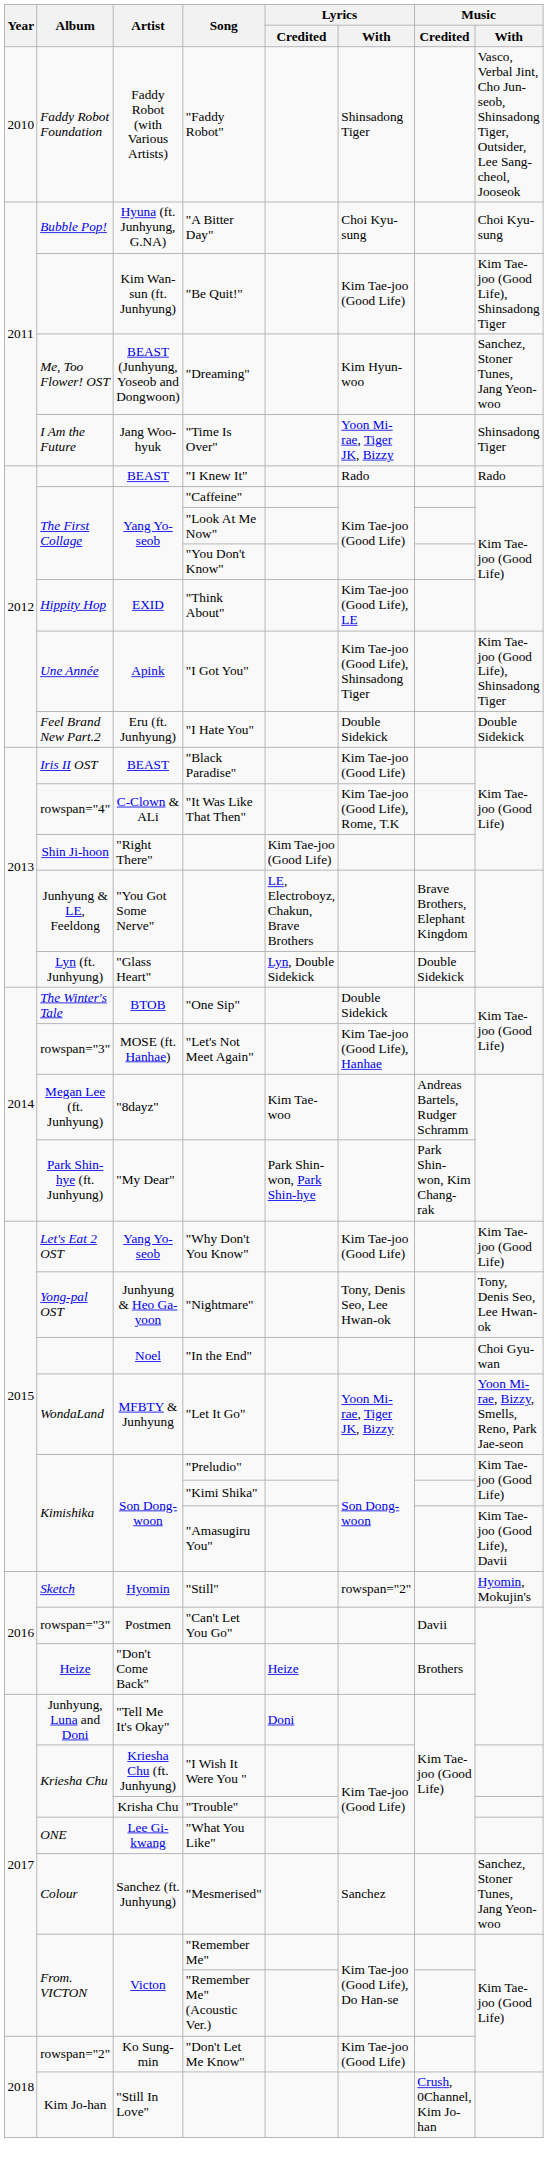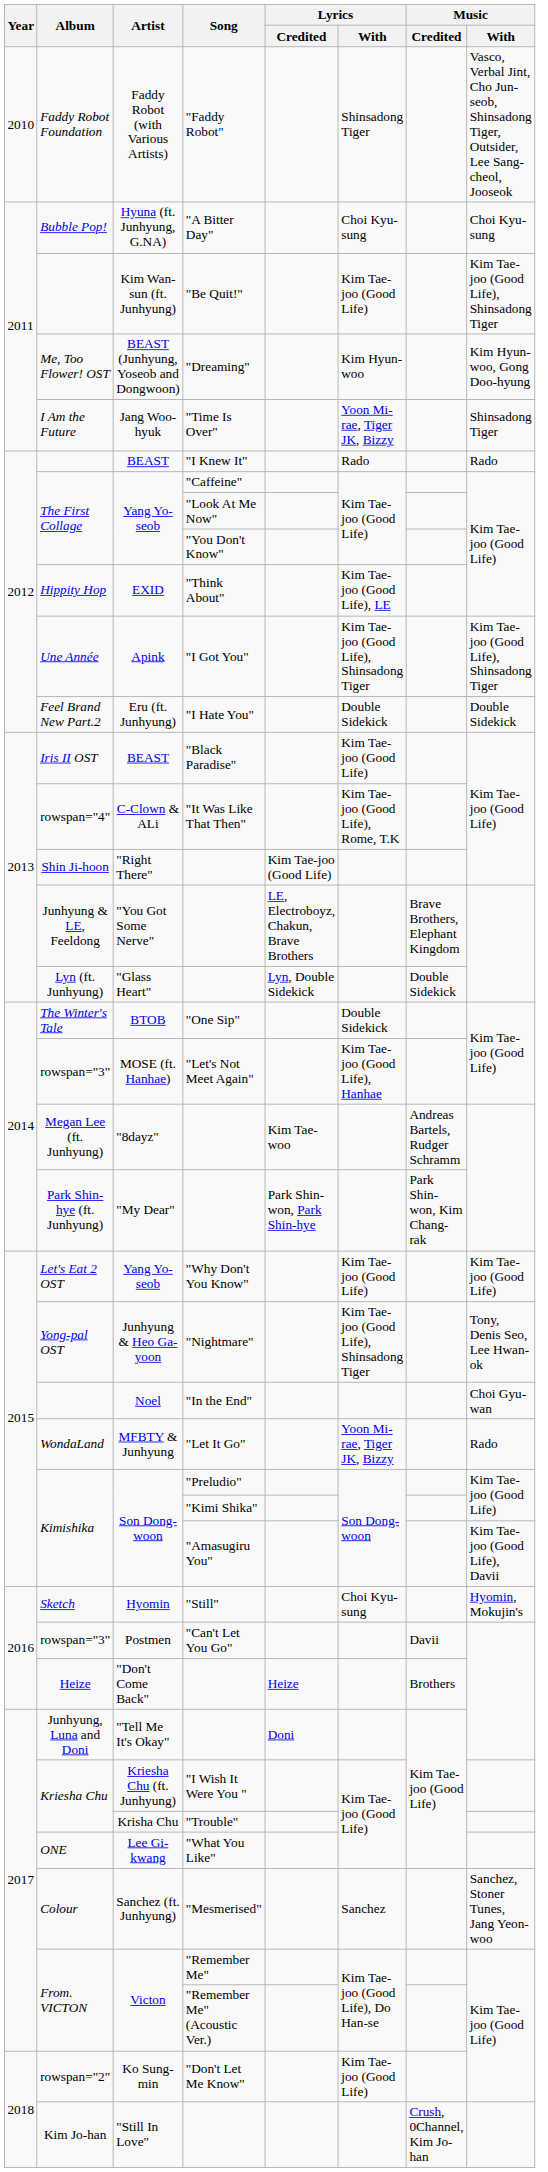 <table class="wikitable">
 <tr>
 <th rowspan="2">Year</th>
 <th rowspan="2">Album</th>
 <th rowspan="2">Artist</th>
 <th rowspan="2">Song</th>
 <th colspan="2">Lyrics</th>
 <th colspan="2">Music</th>
 </tr>
 <tr>
 <th>Credited</th>
 <th>With</th>
 <th>Credited</th>
 <th>With</th>
 </tr>
 <tr>
 <td>2010</td>
 <td><em>Faddy Robot Foundation</em></td>
 <td align="center">Faddy Robot (with Various Artists)</td>
 <td>"Faddy Robot"</td>
 <td></td>
 <td>Shinsadong Tiger</td>
 <td></td>
 <td>Vasco, Verbal Jint, Cho Jun-seob, Shinsadong Tiger, Outsider, Lee Sang-cheol, Jooseok</td>
 </tr>
 <tr>
 <td rowspan="4">2011</td>
 <td><em><a href='#'>Bubble Pop!</a></em></td>
 <td align="center"><a href='#'>Hyuna</a> (ft. Junhyung, G.NA)</td>
 <td>"A Bitter Day"</td>
 <td></td>
 <td>Choi Kyu-sung</td>
 <td></td>
 <td>Choi Kyu-sung</td>
 </tr>
 <tr>
 <td></td>
 <td align="center">Kim Wan-sun (ft. Junhyung)</td>
 <td>"Be Quit!"</td>
 <td></td>
 <td>Kim Tae-joo (Good Life)</td>
 <td></td>
 <td>Kim Tae-joo (Good Life), Shinsadong Tiger</td>
 </tr>
 <tr>
 <td><em>Me, Too Flower! OST</em></td>
 <td align="center"><a href='#'>BEAST</a> (Junhyung, Yoseob and Dongwoon)</td>
 <td>"Dreaming"</td>
 <td></td>
 <td>Kim Hyun-woo</td>
 <td></td>
-<td>Sanchez, Stoner Tunes, Jang Yeon-woo</td>
+<td>Kim Hyun-woo, Gong Doo-hyung</td>
 </tr>
 <tr>
 <td><em>I Am the Future</em></td>
 <td align="center">Jang Woo-hyuk</td>
 <td>"Time Is Over"</td>
 <td></td>
 <td><a href='#'>Yoon Mi-rae</a>, <a href='#'>Tiger JK</a>, <a href='#'>Bizzy</a></td>
 <td></td>
 <td>Shinsadong Tiger</td>
 </tr>
 <tr>
 <td rowspan="7">2012</td>
 <td></td>
 <td align="center"><a href='#'>BEAST</a></td>
 <td>"I Knew It"</td>
 <td></td>
 <td>Rado</td>
 <td></td>
 <td>Rado</td>
 </tr>
 <tr>
 <td rowspan="3"><em><a href='#'>The First Collage</a></em></td>
 <td rowspan="3" align="center"><a href='#'>Yang Yo-seob</a></td>
 <td>"Caffeine"</td>
 <td></td>
 <td rowspan="3">Kim Tae-joo (Good Life)</td>
 <td></td>
 <td rowspan="4">Kim Tae-joo (Good Life)</td>
 </tr>
 <tr>
 <td>"Look At Me Now"</td>
 <td></td>
 <td></td>
 </tr>
 <tr>
 <td>"You Don't Know"</td>
 <td></td>
 <td></td>
 </tr>
 <tr>
 <td><em><a href='#'>Hippity Hop</a></em></td>
 <td align="center"><a href='#'>EXID</a></td>
 <td>"Think About"</td>
 <td></td>
 <td>Kim Tae-joo (Good Life), <a href='#'>LE</a></td>
 <td></td>
 </tr>
 <tr>
 <td><em><a href='#'>Une Année</a></em></td>
 <td align="center"><a href='#'>Apink</a></td>
 <td>"I Got You"</td>
 <td></td>
 <td>Kim Tae-joo (Good Life), Shinsadong Tiger</td>
 <td></td>
 <td>Kim Tae-joo (Good Life), Shinsadong Tiger</td>
 </tr>
 <tr>
 <td><em>Feel Brand New Part.2</em></td>
 <td align="center">Eru (ft. Junhyung)</td>
 <td>"I Hate You"</td>
 <td></td>
 <td>Double Sidekick</td>
 <td></td>
 <td>Double Sidekick</td>
 </tr>
 <tr>
 <td rowspan="5">2013</td>
 <td><em><a href='#'>Iris II</a> OST</em></td>
 <td align="center"><a href='#'>BEAST</a></td>
 <td>"Black Paradise"</td>
 <td></td>
 <td>Kim Tae-joo (Good Life)</td>
 <td></td>
 <td rowspan="3">Kim Tae-joo (Good Life)</td>
 </tr>
 <tr>
 <td>rowspan="4" </td>
 <td align="center"><a href='#'>C-Clown</a> & ALi</td>
 <td>"It Was Like That Then"</td>
 <td></td>
 <td>Kim Tae-joo (Good Life), Rome, T.K</td>
 <td></td>
 </tr>
 <tr>
 <td align="center"><a href='#'>Shin Ji-hoon</a></td>
 <td>"Right There"</td>
 <td></td>
 <td>Kim Tae-joo (Good Life)</td>
 <td></td>
 </tr>
 <tr>
 <td align="center">Junhyung & <a href='#'>LE</a>, Feeldong</td>
 <td>"You Got Some Nerve"</td>
 <td></td>
 <td><a href='#'>LE</a>, Electroboyz, Chakun, Brave Brothers</td>
 <td></td>
 <td>Brave Brothers, Elephant Kingdom</td>
 </tr>
 <tr>
 <td align="center"><a href='#'>Lyn</a> (ft. Junhyung)</td>
 <td>"Glass Heart"</td>
 <td></td>
 <td><a href='#'>Lyn</a>, Double Sidekick</td>
 <td></td>
 <td>Double Sidekick</td>
 </tr>
 <tr>
 <td rowspan="4">2014</td>
 <td><em><a href='#'>The Winter's Tale</a></em></td>
 <td align="center"><a href='#'>BTOB</a></td>
 <td>"One Sip"</td>
 <td></td>
 <td>Double Sidekick</td>
 <td></td>
 <td rowspan="2">Kim Tae-joo (Good Life)</td>
 </tr>
 <tr>
 <td>rowspan="3" </td>
 <td align="center">MOSE (ft. <a href='#'>Hanhae</a>)</td>
 <td>"Let's Not Meet Again"</td>
 <td></td>
 <td>Kim Tae-joo (Good Life), <a href='#'>Hanhae</a></td>
 <td></td>
 </tr>
 <tr>
 <td align="center"><a href='#'>Megan Lee</a> (ft. Junhyung)</td>
 <td>"8dayz"</td>
 <td></td>
 <td>Kim Tae-woo</td>
 <td></td>
 <td>Andreas Bartels, Rudger Schramm</td>
 </tr>
 <tr>
 <td align="center"><a href='#'>Park Shin-hye</a> (ft. Junhyung)</td>
 <td>"My Dear"</td>
 <td></td>
 <td>Park Shin-won, <a href='#'>Park Shin-hye</a></td>
 <td></td>
 <td>Park Shin-won, Kim Chang-rak</td>
 </tr>
 <tr>
 <td rowspan="7">2015</td>
 <td><em><a href='#'>Let's Eat 2</a> OST</em></td>
 <td align="center"><a href='#'>Yang Yo-seob</a></td>
 <td>"Why Don't You Know"</td>
 <td></td>
 <td>Kim Tae-joo (Good Life)</td>
 <td></td>
 <td>Kim Tae-joo (Good Life)</td>
 </tr>
 <tr>
 <td><em><a href='#'>Yong-pal</a> OST</em></td>
 <td align="center">Junhyung & <a href='#'>Heo Ga-yoon</a></td>
 <td>"Nightmare"</td>
 <td></td>
-<td>Tony, Denis Seo, Lee Hwan-ok</td>
+<td>Kim Tae-joo (Good Life), Shinsadong Tiger</td>
 <td></td>
 <td>Tony, Denis Seo, Lee Hwan-ok</td>
 </tr>
 <tr>
 <td></td>
 <td align="center"><a href='#'>Noel</a></td>
 <td>"In the End"</td>
 <td></td>
 <td></td>
 <td></td>
 <td>Choi Gyu-wan</td>
 </tr>
 <tr>
 <td><em>WondaLand</em></td>
 <td align="center"><a href='#'>MFBTY</a> & Junhyung</td>
 <td>"Let It Go"</td>
 <td></td>
 <td><a href='#'>Yoon Mi-rae</a>, <a href='#'>Tiger JK</a>, <a href='#'>Bizzy</a></td>
 <td></td>
-<td><a href='#'>Yoon Mi-rae</a>, <a href='#'>Bizzy</a>, Smells, Reno, Park Jae-seon</td>
+<td>Rado</td>
 </tr>
 <tr>
 <td rowspan="3"><em>Kimishika</em></td>
 <td rowspan="3" align="center"><a href='#'>Son Dong-woon</a></td>
 <td>"Preludio"</td>
 <td></td>
 <td rowspan="3"><a href='#'>Son Dong-woon</a></td>
 <td></td>
 <td rowspan="2">Kim Tae-joo (Good Life)</td>
 </tr>
 <tr>
 <td>"Kimi Shika"</td>
 <td></td>
 <td></td>
 </tr>
 <tr>
 <td>"Amasugiru You"</td>
 <td></td>
 <td></td>
 <td>Kim Tae-joo (Good Life), Davii</td>
 </tr>
 <tr>
 <td rowspan="3">2016</td>
 <td><em><a href='#'>Sketch</a></em></td>
 <td align="center"><a href='#'>Hyomin</a></td>
 <td>"Still"</td>
 <td></td>
-<td>rowspan="2" </td>
+<td>Choi Kyu-sung</td>
 <td></td>
 <td><a href='#'>Hyomin</a>, Mokujin's</td>
 </tr>
 <tr>
 <td>rowspan="3" </td>
 <td align="center">Postmen</td>
 <td>"Can't Let You Go"</td>
 <td></td>
 <td></td>
 <td>Davii</td>
 </tr>
 <tr>
 <td align="center"><a href='#'>Heize</a></td>
 <td>"Don't Come Back"</td>
 <td></td>
 <td><a href='#'>Heize</a></td>
 <td></td>
 <td>Brothers</td>
 </tr>
 <tr>
 <td rowspan="7">2017</td>
 <td align="center">Junhyung, <a href='#'>Luna</a> and <a href='#'>Doni</a></td>
 <td>"Tell Me It's Okay"</td>
 <td></td>
 <td><a href='#'>Doni</a></td>
 <td></td>
 <td rowspan="4">Kim Tae-joo (Good Life)</td>
 </tr>
 <tr>
 <td rowspan="2"><em>Kriesha Chu</em></td>
 <td align="center"><a href='#'>Kriesha Chu</a> (ft. Junhyung)</td>
 <td>"I Wish It Were You "</td>
 <td></td>
 <td rowspan="3">Kim Tae-joo (Good Life)</td>
 <td></td>
 </tr>
 <tr>
 <td align="center">Krisha Chu</td>
 <td>"Trouble"</td>
 <td></td>
 <td></td>
 </tr>
 <tr>
 <td><em>ONE</em></td>
 <td align="center"><a href='#'>Lee Gi-kwang</a></td>
 <td>"What You Like"</td>
 <td></td>
 <td></td>
 </tr>
 <tr>
 <td><em>Colour</em></td>
 <td align="center">Sanchez (ft. Junhyung)</td>
 <td>"Mesmerised"</td>
 <td></td>
 <td>Sanchez</td>
 <td></td>
 <td>Sanchez, Stoner Tunes, Jang Yeon-woo</td>
 </tr>
 <tr>
 <td rowspan="2"><em>From. VICTON</em></td>
 <td align="center" rowspan="2"><a href='#'>Victon</a></td>
 <td>"Remember Me"</td>
 <td></td>
 <td rowspan="2">Kim Tae-joo (Good Life), Do Han-se</td>
 <td></td>
 <td rowspan="3">Kim Tae-joo (Good Life)</td>
 </tr>
 <tr>
 <td>"Remember Me" (Acoustic Ver.)</td>
 <td></td>
 <td></td>
 </tr>
 <tr>
 <td rowspan="2">2018</td>
 <td>rowspan="2" </td>
 <td align="center">Ko Sung-min</td>
 <td>"Don't Let Me Know"</td>
 <td></td>
 <td>Kim Tae-joo (Good Life)</td>
 <td></td>
 </tr>
 <tr>
 <td align="center">Kim Jo-han</td>
 <td>"Still In Love"</td>
 <td></td>
 <td></td>
 <td></td>
 <td><a href='#'>Crush</a>, 0Channel, Kim Jo-han</td>
 </tr>
 </table>
